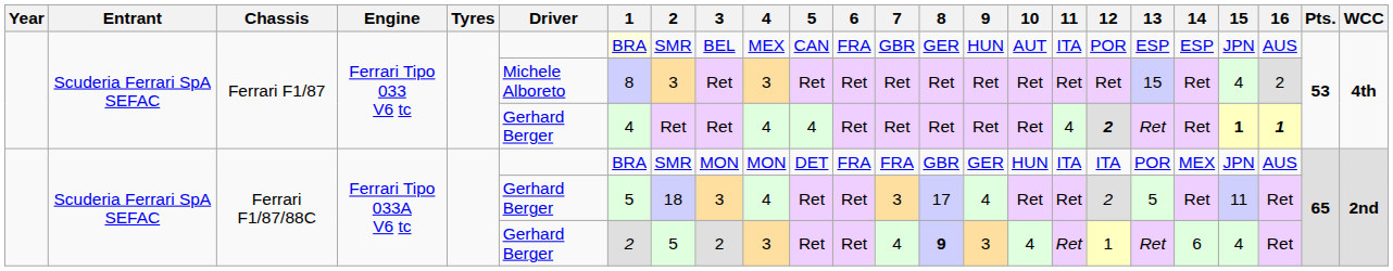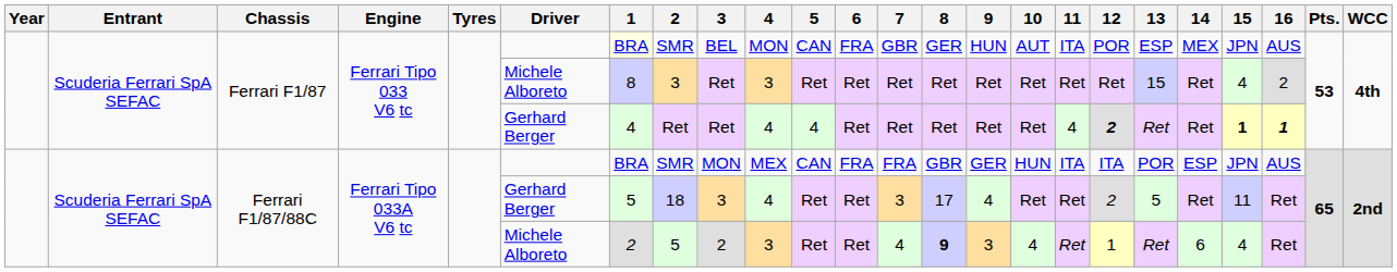 <table class="wikitable" style="text-align:center; font-size:95%">
 <tr>
 <th>Year</th>
 <th>Entrant</th>
 <th>Chassis</th>
 <th>Engine</th>
 <th>Tyres</th>
 <th>Driver</th>
 <th>1</th>
 <th>2</th>
 <th>3</th>
 <th>4</th>
 <th>5</th>
 <th>6</th>
 <th>7</th>
 <th>8</th>
 <th>9</th>
 <th>10</th>
 <th>11</th>
 <th>12</th>
 <th>13</th>
 <th>14</th>
 <th>15</th>
 <th>16</th>
 <th>Pts.</th>
 <th>WCC</th>
 </tr>
 <tr>
 <td rowspan="3"></td>
 <td rowspan="3"><a href='#'>Scuderia Ferrari SpA SEFAC</a></td>
 <td rowspan="3">Ferrari F1/87</td>
 <td rowspan="3"><a href='#'>Ferrari Tipo 033</a><br><a href='#'>V6</a> <a href='#'>tc</a></td>
 <td rowspan="3"></td>
 <td></td>
 <td style="background: lightyellow;"><a href='#'>BRA</a></td>
 <td><a href='#'>SMR</a></td>
 <td><a href='#'>BEL</a></td>
-<td><a href='#'>MEX</a></td>
+<td><a href='#'>MON</a></td>
 <td><a href='#'>CAN</a></td>
 <td><a href='#'>FRA</a></td>
 <td><a href='#'>GBR</a></td>
 <td><a href='#'>GER</a></td>
 <td><a href='#'>HUN</a></td>
 <td><a href='#'>AUT</a></td>
 <td><a href='#'>ITA</a></td>
 <td><a href='#'>POR</a></td>
 <td><a href='#'>ESP</a></td>
-<td><a href='#'>ESP</a></td>
+<td><a href='#'>MEX</a></td>
 <td><a href='#'>JPN</a></td>
 <td><a href='#'>AUS</a></td>
 <td rowspan="3"><strong>53</strong></td>
 <td rowspan="3"><strong>4th</strong></td>
 </tr>
 <tr>
 <td align="left"><a href='#'>Michele Alboreto</a></td>
 <td style="background:#cfcfff;">8</td>
 <td style="background:#ffdf9f;">3</td>
 <td style="background:#efcfff;">Ret</td>
 <td style="background:#ffdf9f;">3</td>
 <td style="background:#efcfff;">Ret</td>
 <td style="background:#efcfff;">Ret</td>
 <td style="background:#efcfff;">Ret</td>
 <td style="background:#efcfff;">Ret</td>
 <td style="background:#efcfff;">Ret</td>
 <td style="background:#efcfff;">Ret</td>
 <td style="background:#efcfff;">Ret</td>
 <td style="background:#efcfff;">Ret</td>
 <td style="background:#cfcfff;">15</td>
 <td style="background:#efcfff;">Ret</td>
 <td style="background:#dfffdf;">4</td>
 <td style="background:#dfdfdf;">2</td>
 </tr>
 <tr>
 <td align="left"><a href='#'>Gerhard Berger</a></td>
 <td style="background:#dfffdf;">4</td>
 <td style="background:#efcfff;">Ret</td>
 <td style="background:#efcfff;">Ret</td>
 <td style="background:#dfffdf;">4</td>
 <td style="background:#dfffdf;">4</td>
 <td style="background:#efcfff;">Ret</td>
 <td style="background:#efcfff;">Ret</td>
 <td style="background:#efcfff;">Ret</td>
 <td style="background:#efcfff;">Ret</td>
 <td style="background:#efcfff;">Ret</td>
 <td style="background:#dfffdf;">4</td>
 <td style="background:#dfdfdf;"><strong><em>2</em></strong></td>
 <td style="background:#efcfff;"><em>Ret</em></td>
 <td style="background:#efcfff;">Ret</td>
 <td style="background:#ffffbf;"><strong>1</strong></td>
 <td style="background:#ffffbf;"><strong><em>1</em></strong></td>
 </tr>
 <tr>
 <td rowspan="3"></td>
 <td rowspan="3"><a href='#'>Scuderia Ferrari SpA SEFAC</a></td>
 <td rowspan="3">Ferrari F1/87/88C</td>
 <td rowspan="3"><a href='#'>Ferrari Tipo 033A</a><br><a href='#'>V6</a> <a href='#'>tc</a></td>
 <td rowspan="3"></td>
 <td></td>
 <td><a href='#'>BRA</a></td>
 <td><a href='#'>SMR</a></td>
 <td><a href='#'>MON</a></td>
-<td><a href='#'>MON</a></td>
-<td><a href='#'>DET</a></td>
+<td><a href='#'>MEX</a></td>
+<td><a href='#'>CAN</a></td>
 <td><a href='#'>FRA</a></td>
 <td><a href='#'>FRA</a></td>
 <td><a href='#'>GBR</a></td>
 <td><a href='#'>GER</a></td>
 <td><a href='#'>HUN</a></td>
 <td><a href='#'>ITA</a></td>
 <td><a href='#'>ITA</a></td>
 <td><a href='#'>POR</a></td>
-<td><a href='#'>MEX</a></td>
+<td><a href='#'>ESP</a></td>
 <td><a href='#'>JPN</a></td>
 <td><a href='#'>AUS</a></td>
 <td rowspan="3" style="background:#dfdfdf;"><strong>65</strong></td>
 <td rowspan="3" style="background:#dfdfdf;"><strong>2nd</strong></td>
 </tr>
 <tr>
 <td align="left"><a href='#'>Gerhard Berger</a></td>
 <td style="background:#dfffdf;">5</td>
 <td style="background:#cfcfff;">18</td>
 <td style="background:#ffdf9f;">3</td>
 <td style="background:#dfffdf;">4</td>
 <td style="background:#efcfff;">Ret</td>
 <td style="background:#efcfff;">Ret</td>
 <td style="background:#ffdf9f;">3</td>
 <td style="background:#cfcfff;">17</td>
 <td style="background:#dfffdf;">4</td>
 <td style="background:#efcfff;">Ret</td>
 <td style="background:#efcfff;">Ret</td>
 <td style="background:#dfdfdf;"><em>2</em></td>
 <td style="background:#dfffdf;">5</td>
 <td style="background:#efcfff;">Ret</td>
 <td style="background:#cfcfff;">11</td>
 <td style="background:#efcfff;">Ret</td>
 </tr>
 <tr>
-<td align="left"><a href='#'>Gerhard Berger</a></td>
+<td align="left"><a href='#'>Michele Alboreto</a></td>
 <td style="background:#dfdfdf;"><em>2</em></td>
 <td style="background:#dfffdf;">5</td>
 <td style="background:#dfdfdf;">2</td>
 <td style="background:#ffdf9f;">3</td>
 <td style="background:#efcfff;">Ret</td>
 <td style="background:#efcfff;">Ret</td>
 <td style="background:#dfffdf;">4</td>
 <td style="background:#cfcfff;"><strong>9</strong></td>
 <td style="background:#ffdf9f;">3</td>
 <td style="background:#dfffdf;">4</td>
 <td style="background:#efcfff;"><em>Ret</em></td>
 <td style="background:#ffffbf;">1</td>
 <td style="background:#efcfff;"><em>Ret</em></td>
 <td style="background:#dfffdf;">6</td>
 <td style="background:#dfffdf;">4</td>
 <td style="background:#efcfff;">Ret</td>
 </tr>
 </table>
